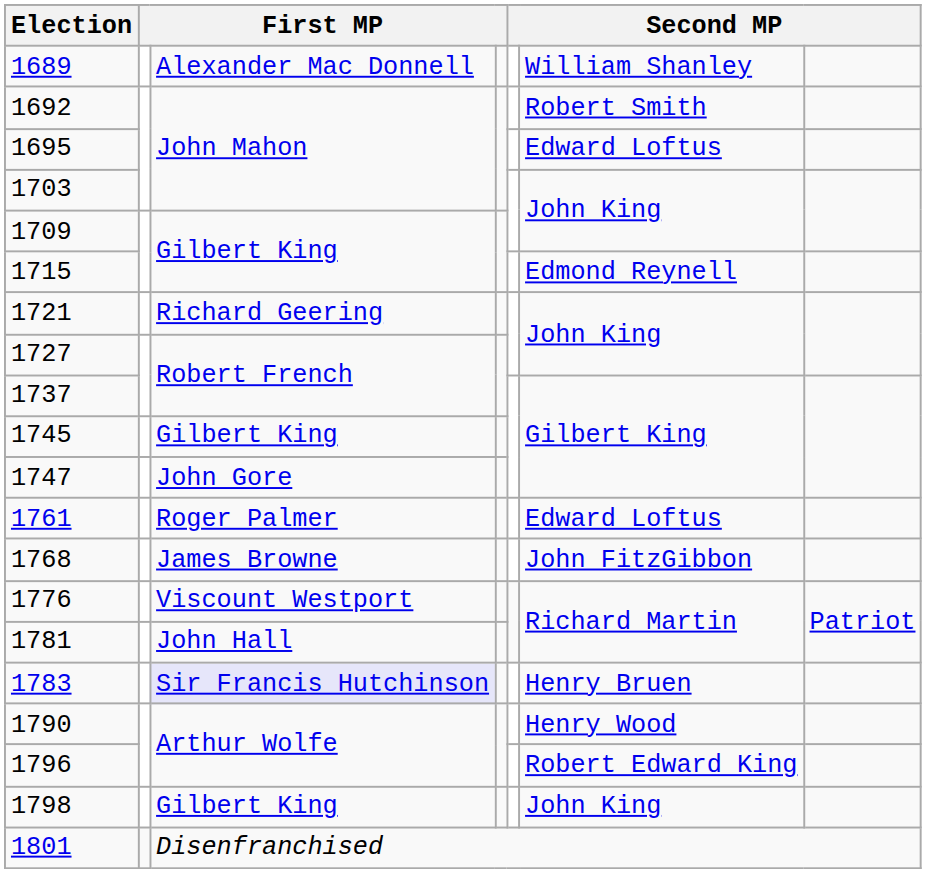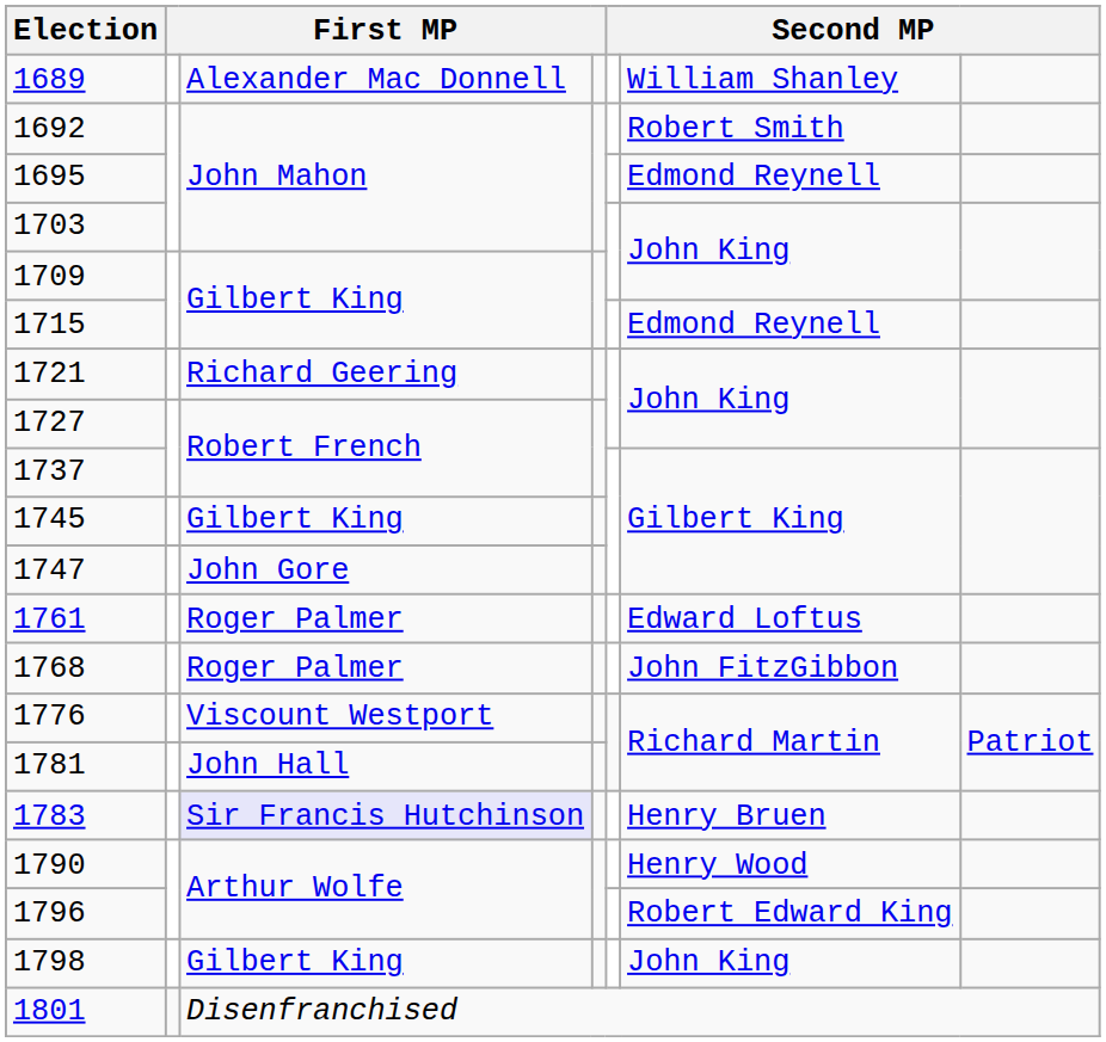 <table class="wikitable">
 <tr>
 <th>Election</th>
 <th colspan=3>First MP</th>
 <th colspan=3>Second MP</th>
 </tr>
 <tr>
 <td><a href='#'>1689</a></td>
 <td style="background-color: white"></td>
 <td><a href='#'>Alexander Mac Donnell</a></td>
 <td></td>
 <td style="background-color: white"></td>
 <td><a href='#'>William Shanley</a></td>
 <td></td>
 </tr>
 <tr>
 <td>1692</td>
 <td rowspan="3" style="background-color: white"></td>
 <td rowspan="3"><a href='#'>John Mahon</a></td>
 <td rowspan="3"></td>
 <td style="background-color: white"></td>
 <td><a href='#'>Robert Smith</a></td>
 <td></td>
 </tr>
 <tr>
 <td>1695</td>
 <td style="background-color: white"></td>
-<td><a href='#'>Edward Loftus</a></td>
+<td><a href='#'>Edmond Reynell</a></td>
 <td></td>
 </tr>
 <tr>
 <td>1703</td>
 <td rowspan="2" style="background-color: white"></td>
 <td rowspan="2"><a href='#'>John King</a></td>
 <td rowspan="2"></td>
 </tr>
 <tr>
 <td>1709</td>
 <td rowspan="2" style="background-color: white"></td>
 <td rowspan="2"><a href='#'>Gilbert King</a></td>
 <td rowspan="2"></td>
 </tr>
 <tr>
 <td>1715</td>
 <td style="background-color: white"></td>
 <td><a href='#'>Edmond Reynell</a></td>
 <td></td>
 </tr>
 <tr>
 <td>1721</td>
 <td style="background-color: white"></td>
 <td><a href='#'>Richard Geering</a></td>
 <td></td>
 <td rowspan="2" style="background-color: white"></td>
 <td rowspan="2"><a href='#'>John King</a></td>
 <td rowspan="2"></td>
 </tr>
 <tr>
 <td>1727</td>
 <td rowspan="2" style="background-color: white"></td>
 <td rowspan="2"><a href='#'>Robert French</a></td>
 <td rowspan="2"></td>
 </tr>
 <tr>
 <td>1737</td>
 <td rowspan="3" style="background-color: white"></td>
 <td rowspan="3"><a href='#'>Gilbert King</a></td>
 <td rowspan="3"></td>
 </tr>
 <tr>
 <td>1745</td>
 <td style="background-color: white"></td>
 <td><a href='#'>Gilbert King</a></td>
 <td></td>
 </tr>
 <tr>
 <td>1747</td>
 <td style="background-color: white"></td>
 <td><a href='#'>John Gore</a></td>
 <td></td>
 </tr>
 <tr>
 <td><a href='#'>1761</a></td>
 <td style="background-color: white"></td>
 <td><a href='#'>Roger Palmer</a></td>
 <td></td>
 <td style="background-color: white"></td>
 <td><a href='#'>Edward Loftus</a></td>
 <td></td>
 </tr>
 <tr>
 <td>1768</td>
 <td style="background-color: white"></td>
-<td><a href='#'>James Browne</a></td>
+<td><a href='#'>Roger Palmer</a></td>
 <td></td>
 <td style="background-color: white"></td>
 <td><a href='#'>John FitzGibbon</a></td>
 <td></td>
 </tr>
 <tr>
 <td>1776</td>
 <td style="background-color: white"></td>
 <td><a href='#'>Viscount Westport</a></td>
 <td></td>
 <td rowspan="2" style="background-color: "></td>
 <td rowspan="2"><a href='#'>Richard Martin</a></td>
 <td rowspan="2"><a href='#'>Patriot</a></td>
 </tr>
 <tr>
 <td>1781</td>
 <td style="background-color: white"></td>
 <td><a href='#'>John Hall</a></td>
 <td></td>
 </tr>
 <tr>
 <td><a href='#'>1783</a></td>
 <td style="background-color: white"></td>
 <td style="background: lavender;"><a href='#'>Sir Francis Hutchinson</a> </td>
 <td></td>
 <td style="background-color: white"></td>
 <td><a href='#'>Henry Bruen</a></td>
 <td></td>
 </tr>
 <tr>
 <td>1790</td>
 <td rowspan="2" style="background-color: white"></td>
 <td rowspan="2"><a href='#'>Arthur Wolfe</a></td>
 <td rowspan="2"></td>
 <td style="background-color: white"></td>
 <td><a href='#'>Henry Wood</a></td>
 <td></td>
 </tr>
 <tr>
 <td>1796</td>
 <td style="background-color: white"></td>
 <td><a href='#'>Robert Edward King</a></td>
 <td></td>
 </tr>
 <tr>
 <td>1798</td>
 <td style="background-color: white"></td>
 <td><a href='#'>Gilbert King</a></td>
 <td></td>
 <td style="background-color: white"></td>
 <td><a href='#'>John King</a></td>
 <td></td>
 </tr>
 <tr>
 <td><a href='#'>1801</a></td>
 <td></td>
 <td colspan="5"><em>Disenfranchised</em></td>
 </tr>
 </table>
